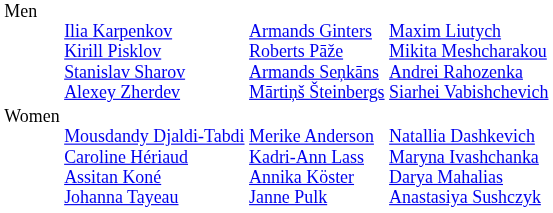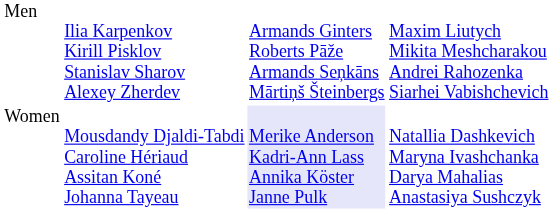 <table>
 <tr valign="top">
 <td>Men<br></td>
 <td><br><a href='#'>Ilia Karpenkov</a><br><a href='#'>Kirill Pisklov</a><br><a href='#'>Stanislav Sharov</a><br><a href='#'>Alexey Zherdev</a></td>
 <td><br><a href='#'>Armands Ginters</a><br><a href='#'>Roberts Pāže</a><br><a href='#'>Armands Seņkāns</a><br><a href='#'>Mārtiņš Šteinbergs</a></td>
 <td><br><a href='#'>Maxim Liutych</a><br><a href='#'>Mikita Meshcharakou</a><br><a href='#'>Andrei Rahozenka</a><br><a href='#'>Siarhei Vabishchevich</a></td>
 </tr>
 <tr valign="top">
 <td>Women<br></td>
 <td><br><a href='#'>Mousdandy Djaldi-Tabdi</a><br><a href='#'>Caroline Hériaud</a><br><a href='#'>Assitan Koné</a><br><a href='#'>Johanna Tayeau</a></td>
-<td><br><a href='#'>Merike Anderson</a><br><a href='#'>Kadri-Ann Lass</a><br><a href='#'>Annika Köster</a><br><a href='#'>Janne Pulk</a></td>
+<td style="background: lavender;"><br><a href='#'>Merike Anderson</a><br><a href='#'>Kadri-Ann Lass</a><br><a href='#'>Annika Köster</a><br><a href='#'>Janne Pulk</a></td>
 <td><br><a href='#'>Natallia Dashkevich</a><br><a href='#'>Maryna Ivashchanka</a><br><a href='#'>Darya Mahalias</a><br><a href='#'>Anastasiya Sushczyk</a></td>
 </tr>
 </table>
